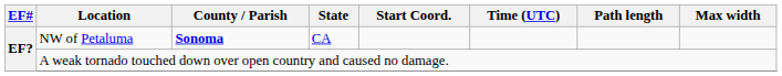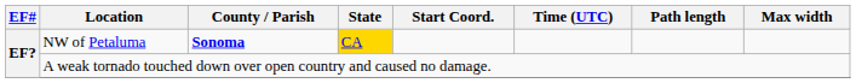 <table class="wikitable sortable" style="width:100%;">
 <tr>
 <th scope="col" width="2%" align="center"><a href='#'>EF#</a></th>
 <th scope="col" align="center" class="unsortable">Location</th>
 <th scope="col" align="center" class="unsortable">County / Parish</th>
 <th scope="col" align="center">State</th>
 <th scope="col" align="center">Start Coord.</th>
 <th scope="col" align="center">Time (<a href='#'>UTC</a>)</th>
 <th scope="col" align="center">Path length</th>
 <th scope="col" align="center">Max width</th>
 </tr>
 <tr>
 <th scope="row" rowspan="2" style="background-color:#">EF?</th>
 <td>NW of <a href='#'>Petaluma</a></td>
 <td><strong><a href='#'>Sonoma</a></strong></td>
-<td><a href='#'>CA</a></td>
+<td style="background: gold;"><a href='#'>CA</a></td>
 <td></td>
 <td></td>
 <td></td>
 <td></td>
 </tr>
 <tr class="expand-child">
 <td colspan="8" style=" border-bottom: 1px solid black;">A weak tornado touched down over open country and caused no damage.</td>
 </tr>
 <tr>
 </tr>
 </table>
